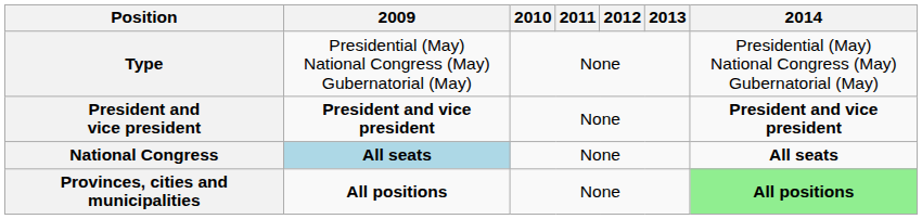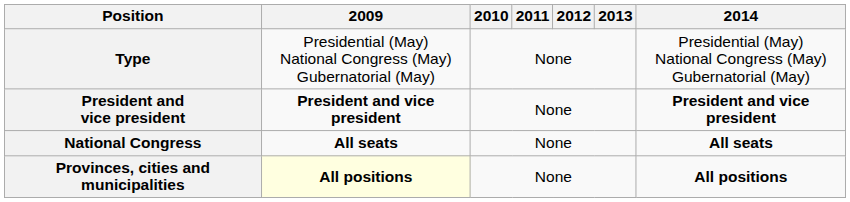 <table class=wikitable style="text-align:center;">
 <tr>
 <th>Position</th>
 <th>2009</th>
 <th>2010</th>
 <th>2011</th>
 <th>2012</th>
 <th>2013</th>
 <th>2014</th>
 </tr>
 <tr>
 <th>Type</th>
 <td>Presidential (May)<br>National Congress (May)<br>Gubernatorial (May)</td>
 <td colspan=4>None</td>
 <td>Presidential (May)<br>National Congress (May)<br>Gubernatorial (May)</td>
 </tr>
 <tr>
 <th>President and<br>vice president</th>
 <td><strong>President and vice president</strong></td>
 <td colspan=4>None</td>
 <td><strong>President and vice president</strong></td>
 </tr>
 <tr>
 <th>National Congress</th>
-<td style="background: lightblue;"><strong>All seats</strong></td>
+<td><strong>All seats</strong></td>
 <td colspan=4>None</td>
 <td><strong>All seats</strong></td>
 </tr>
 <tr>
 <th>Provinces, cities and municipalities</th>
+<td style="background: lightyellow;"><strong>All positions</strong></td>
+<td colspan=4>None</td>
 <td><strong>All positions</strong></td>
-<td colspan=4>None</td>
-<td style="background: lightgreen;"><strong>All positions</strong></td>
 </tr>
 </table>
